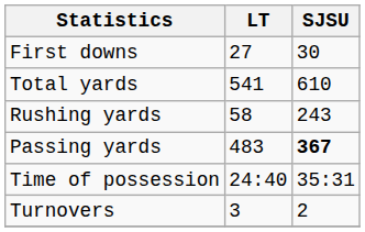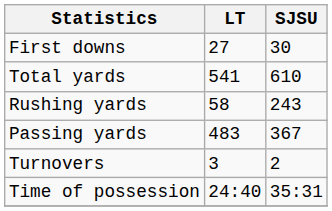 <table class="wikitable">
 <tr>
 <th>Statistics</th>
 <th>LT</th>
 <th>SJSU</th>
 </tr>
 <tr>
 <td>First downs</td>
 <td>27</td>
 <td>30</td>
 </tr>
 <tr>
 <td>Total yards</td>
 <td>541</td>
 <td>610</td>
 </tr>
 <tr>
 <td>Rushing yards</td>
 <td>58</td>
 <td>243</td>
 </tr>
 <tr>
 <td>Passing yards</td>
 <td>483</td>
-<td><strong>367</strong></td>
+<td>367</td>
+</tr>
+<tr>
+<td>Turnovers</td>
+<td>3</td>
+<td>2</td>
 </tr>
 <tr>
 <td>Time of possession</td>
 <td>24:40</td>
 <td>35:31</td>
 </tr>
 <tr>
-<td>Turnovers</td>
-<td>3</td>
-<td>2</td>
-</tr>
-<tr>
 </tr>
 </table>
